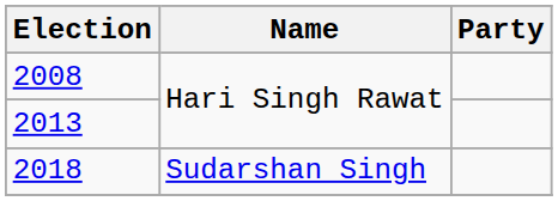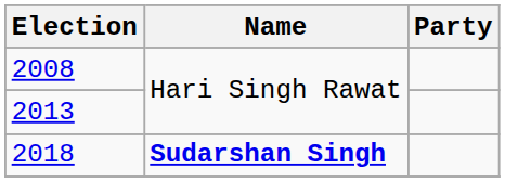 <table class="wikitable sortable">
 <tr>
 <th>Election</th>
 <th>Name</th>
 <th colspan=2>Party</th>
 </tr>
 <tr>
 <td><a href='#'>2008</a></td>
 <td rowspan=2>Hari Singh Rawat</td>
 <td></td>
 </tr>
 <tr>
 <td><a href='#'>2013</a></td>
 </tr>
 <tr>
 <td><a href='#'>2018</a></td>
-<td><a href='#'>Sudarshan Singh</a></td>
+<td><strong><a href='#'>Sudarshan Singh</a></strong></td>
 <td></td>
 </tr>
 <tr>
 </tr>
 </table>
